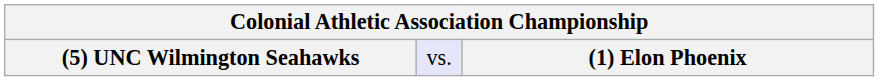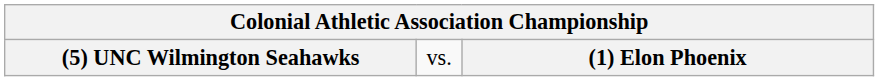 <table class="wikitable">
 <tr>
 <th style="width: 604px;" colspan=3>Colonial Athletic Association Championship</th>
 </tr>
 <tr>
 <th style="width: 289px; ">(5) UNC Wilmington Seahawks</th>
-<td style="background: lavender; width: 25px; text-align:center">vs.</td>
+<td style="width: 25px; text-align:center">vs.</td>
 <th style="width: 289px; ">(1) Elon Phoenix</th>
 </tr>
 </table>
